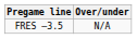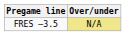 <table class="wikitable">
 <tr align="center">
 <th style=>Pregame line</th>
 <th style=>Over/under</th>
 </tr>
 <tr align="center">
 <td>FRES –3.5</td>
-<td>N/A</td>
+<td style="background: khaki;">N/A</td>
 </tr>
 </table>
